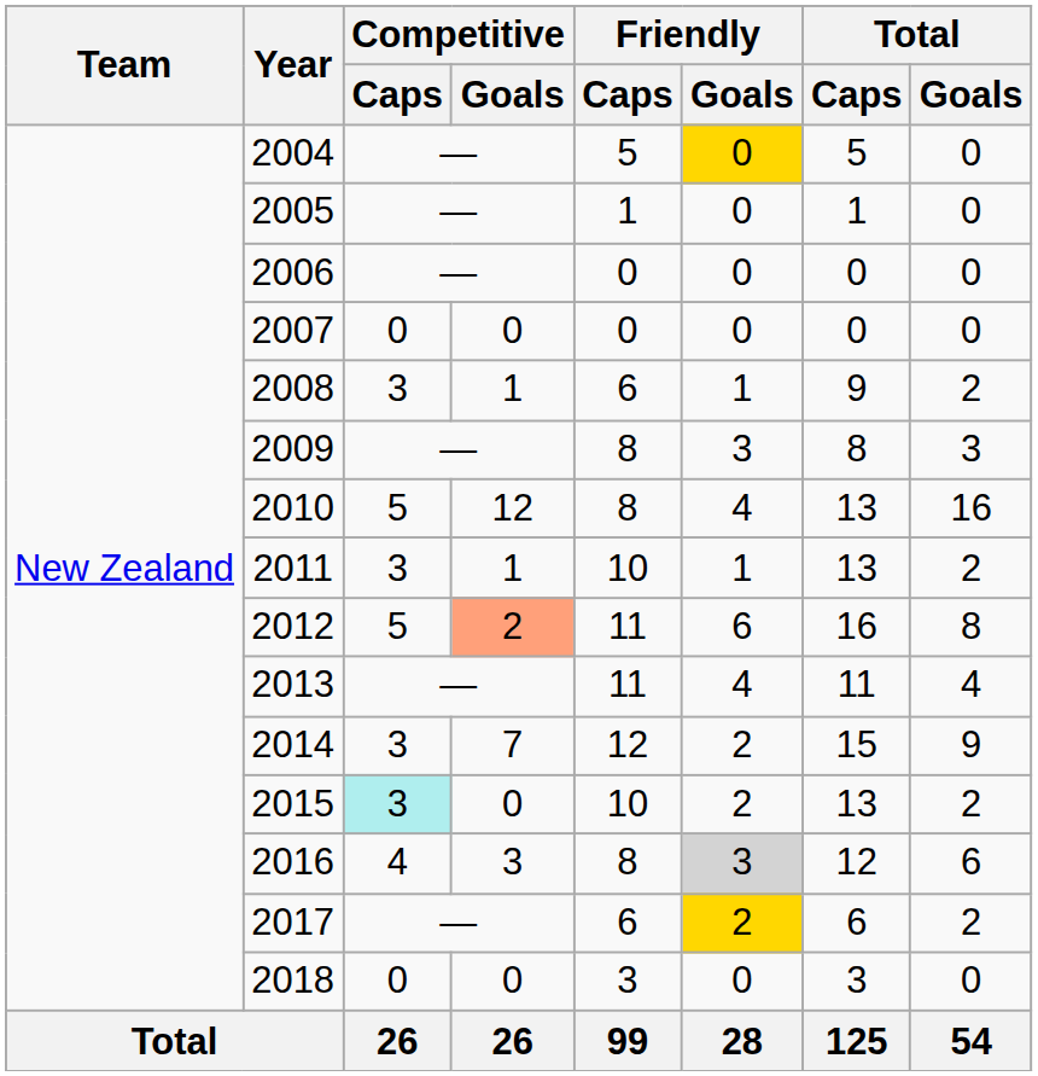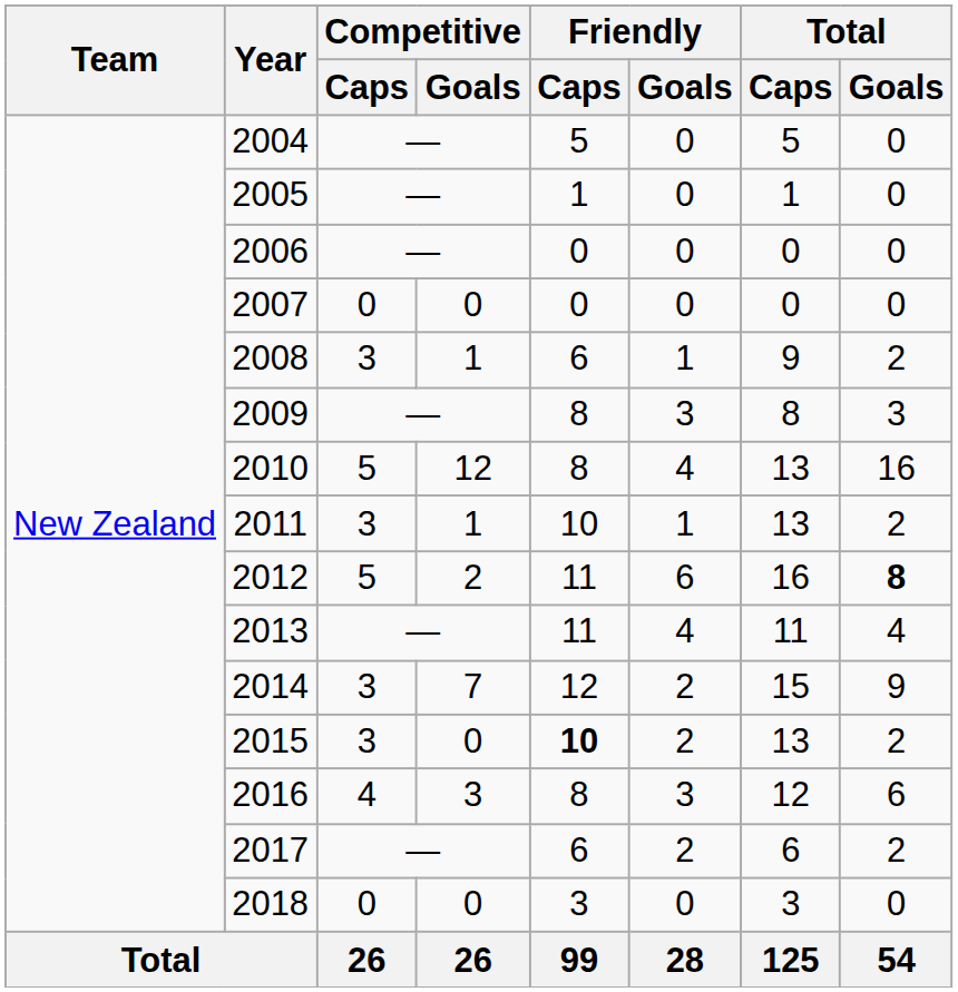 <table class="wikitable" style="text-align:center">
 <tr>
 <th rowspan="2">Team</th>
 <th rowspan="2" scope="col">Year</th>
 <th colspan="2" scope="colgroup">Competitive</th>
 <th colspan="2" scope="colgroup">Friendly</th>
 <th colspan="2" scope="colgroup">Total</th>
 </tr>
 <tr>
 <th scope="col">Caps</th>
 <th scope="col">Goals</th>
 <th scope="col">Caps</th>
 <th scope="col">Goals</th>
 <th scope="col">Caps</th>
 <th scope="col">Goals</th>
 </tr>
 <tr>
 <td rowspan="15"><a href='#'>New Zealand</a></td>
 <td>2004</td>
 <td colspan="2">—</td>
 <td>5</td>
-<td style="background: gold;">0</td>
+<td>0</td>
 <td>5</td>
 <td>0</td>
 </tr>
 <tr>
 <td>2005</td>
 <td colspan="2">—</td>
 <td>1</td>
 <td>0</td>
 <td>1</td>
 <td>0</td>
 </tr>
 <tr>
 <td>2006</td>
 <td colspan="2">—</td>
 <td>0</td>
 <td>0</td>
 <td>0</td>
 <td>0</td>
 </tr>
 <tr>
 <td>2007</td>
 <td>0</td>
 <td>0</td>
 <td>0</td>
 <td>0</td>
 <td>0</td>
 <td>0</td>
 </tr>
 <tr>
 <td>2008</td>
 <td>3</td>
 <td>1</td>
 <td>6</td>
 <td>1</td>
 <td>9</td>
 <td>2</td>
 </tr>
 <tr>
 <td>2009</td>
 <td colspan="2">—</td>
 <td>8</td>
 <td>3</td>
 <td>8</td>
 <td>3</td>
 </tr>
 <tr>
 <td>2010</td>
 <td>5</td>
 <td>12</td>
 <td>8</td>
 <td>4</td>
 <td>13</td>
 <td>16</td>
 </tr>
 <tr>
 <td>2011</td>
 <td>3</td>
 <td>1</td>
 <td>10</td>
 <td>1</td>
 <td>13</td>
 <td>2</td>
 </tr>
 <tr>
 <td>2012</td>
 <td>5</td>
-<td style="background: lightsalmon;">2</td>
+<td>2</td>
 <td>11</td>
 <td>6</td>
 <td>16</td>
-<td>8</td>
+<td><strong>8</strong></td>
 </tr>
 <tr>
 <td>2013</td>
 <td colspan="2">—</td>
 <td>11</td>
 <td>4</td>
 <td>11</td>
 <td>4</td>
 </tr>
 <tr>
 <td>2014</td>
 <td>3</td>
 <td>7</td>
 <td>12</td>
 <td>2</td>
 <td>15</td>
 <td>9</td>
 </tr>
 <tr>
 <td>2015</td>
-<td style="background: paleturquoise;">3</td>
+<td>3</td>
 <td>0</td>
-<td>10</td>
+<td><strong>10</strong></td>
 <td>2</td>
 <td>13</td>
 <td>2</td>
 </tr>
 <tr>
 <td>2016</td>
 <td>4</td>
 <td>3</td>
 <td>8</td>
-<td style="background: lightgrey;">3</td>
+<td>3</td>
 <td>12</td>
 <td>6</td>
 </tr>
 <tr>
 <td>2017</td>
 <td colspan="2">—</td>
 <td>6</td>
-<td style="background: gold;">2</td>
+<td>2</td>
 <td>6</td>
 <td>2</td>
 </tr>
 <tr>
 <td>2018</td>
 <td>0</td>
 <td>0</td>
 <td>3</td>
 <td>0</td>
 <td>3</td>
 <td>0</td>
 </tr>
 <tr>
 <th colspan="2">Total</th>
 <th>26</th>
 <th>26</th>
 <th>99</th>
 <th>28</th>
 <th>125</th>
 <th>54</th>
 </tr>
 </table>
